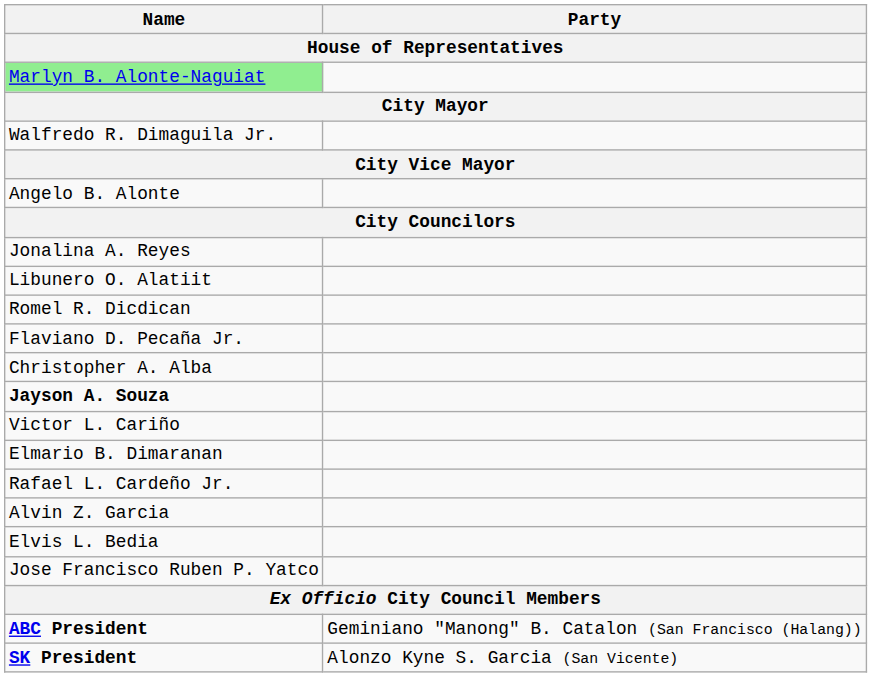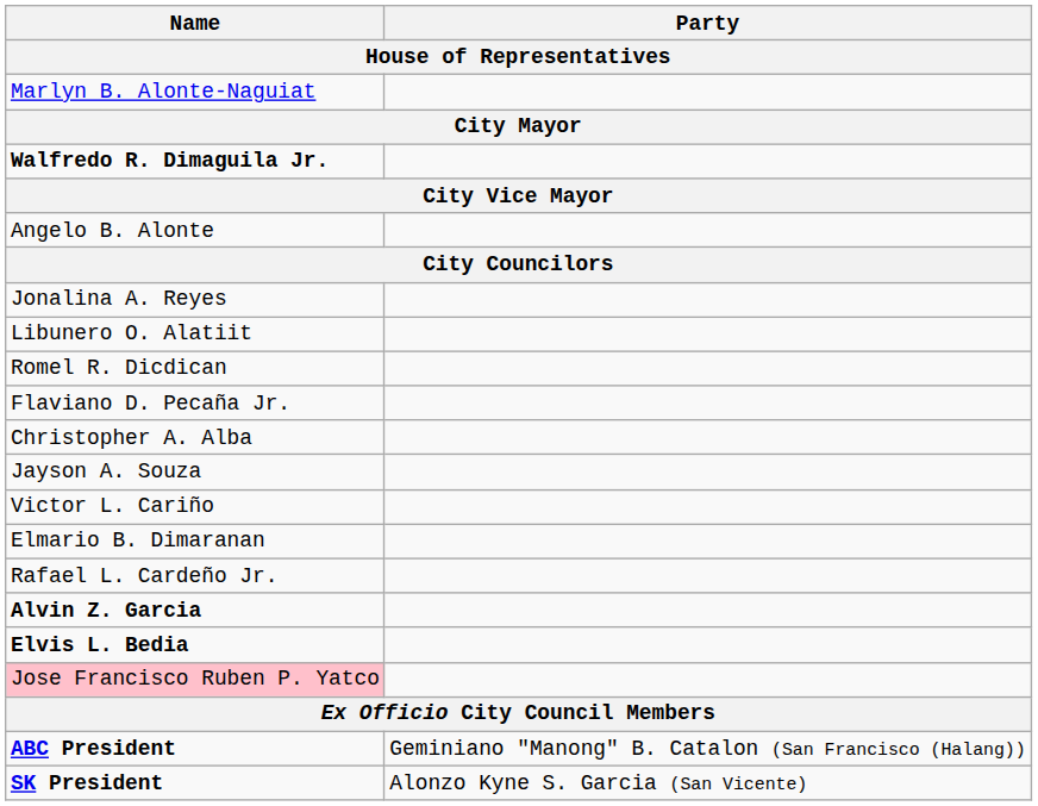 <table class=wikitable>
 <tr>
 <th>Name</th>
 <th colspan=2>Party</th>
 </tr>
 <tr>
 <th colspan=3>House of Representatives</th>
 </tr>
 <tr>
-<td style="background: lightgreen;"><a href='#'>Marlyn B. Alonte-Naguiat</a></td>
+<td><a href='#'>Marlyn B. Alonte-Naguiat</a></td>
 <td></td>
 </tr>
 <tr>
 <th colspan=3>City Mayor</th>
 </tr>
 <tr>
-<td>Walfredo R. Dimaguila Jr.</td>
+<td><strong>Walfredo R. Dimaguila Jr.</strong></td>
 <td></td>
 </tr>
 <tr>
 <th colspan=3>City Vice Mayor</th>
 </tr>
 <tr>
 <td>Angelo B. Alonte</td>
 <td></td>
 </tr>
 <tr>
 <th colspan=3>City Councilors</th>
 </tr>
 <tr>
 <td>Jonalina A. Reyes</td>
 <td></td>
 </tr>
 <tr>
 <td>Libunero O. Alatiit</td>
 <td></td>
 </tr>
 <tr>
 <td>Romel R. Dicdican</td>
 <td></td>
 </tr>
 <tr>
 <td>Flaviano D. Pecaña Jr.</td>
 <td></td>
 </tr>
 <tr>
 <td>Christopher A. Alba</td>
 <td></td>
 </tr>
 <tr>
-<td><strong>Jayson A. Souza</strong></td>
+<td>Jayson A. Souza</td>
 <td></td>
 </tr>
 <tr>
 <td>Victor L. Cariño</td>
 <td></td>
 </tr>
 <tr>
 <td>Elmario B. Dimaranan</td>
 <td></td>
 </tr>
 <tr>
 <td>Rafael L. Cardeño Jr.</td>
 <td></td>
 </tr>
 <tr>
-<td>Alvin Z. Garcia</td>
+<td><strong>Alvin Z. Garcia</strong></td>
 <td></td>
 </tr>
 <tr>
-<td>Elvis L. Bedia</td>
+<td><strong>Elvis L. Bedia</strong></td>
 <td></td>
 </tr>
 <tr>
-<td>Jose Francisco Ruben P. Yatco</td>
+<td style="background: pink;">Jose Francisco Ruben P. Yatco</td>
 <td></td>
 </tr>
 <tr>
 <th colspan=4><em>Ex Officio</em> City Council Members</th>
 </tr>
 <tr>
 <td><strong><a href='#'>ABC</a> President</strong></td>
 <td colspan=3>Geminiano "Manong" B. Catalon <small>(San Francisco (Halang))</small><br></td>
 </tr>
 <tr>
 <td><strong><a href='#'>SK</a> President</strong></td>
 <td colspan=3>Alonzo Kyne S. Garcia <small>(San Vicente)</small><br></td>
 </tr>
 </table>
